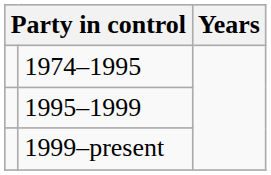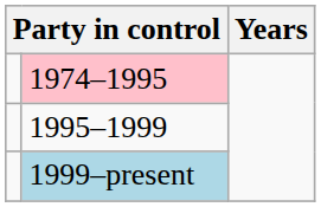 <table class="wikitable">
 <tr>
 <th colspan=2>Party in control</th>
 <th>Years</th>
 </tr>
 <tr>
 <td></td>
-<td>1974–1995</td>
+<td style="background: pink;">1974–1995</td>
 </tr>
 <tr>
 <td></td>
 <td>1995–1999</td>
 </tr>
 <tr>
 <td></td>
-<td>1999–present</td>
+<td style="background: lightblue;">1999–present</td>
 </tr>
 </table>
